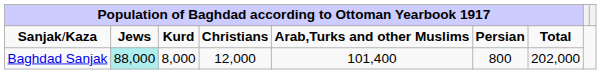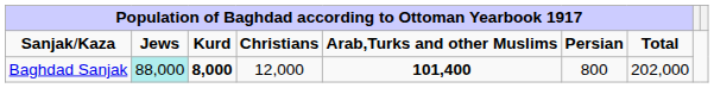 <table class="wikitable" style="font-size:100%;width:80;text-align:center;">
 <tr>
 <th colspan="7;" style="background-color:#ccccff;">Population of Baghdad according to Ottoman Yearbook 1917 </th>
 <th></th>
 <th></th>
 </tr>
 <tr>
 <td><strong>Sanjak</strong>/<strong>Kaza</strong></td>
 <td><strong>Jews</strong></td>
 <td><strong>Kurd</strong></td>
 <td><strong>Christians</strong></td>
 <td><strong>Arab,Turks and other Muslims</strong></td>
 <td><strong>Persian</strong></td>
 <td><strong>Total</strong></td>
 </tr>
 <tr>
 <td><a href='#'>Baghdad Sanjak</a></td>
 <td style="background: paleturquoise;">88,000</td>
-<td>8,000</td>
+<td><strong>8,000</strong></td>
 <td>12,000</td>
-<td>101,400</td>
+<td><strong>101,400</strong></td>
 <td>800</td>
 <td>202,000</td>
 </tr>
 </table>
